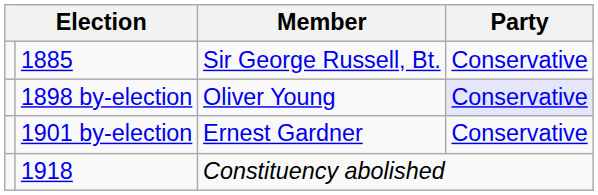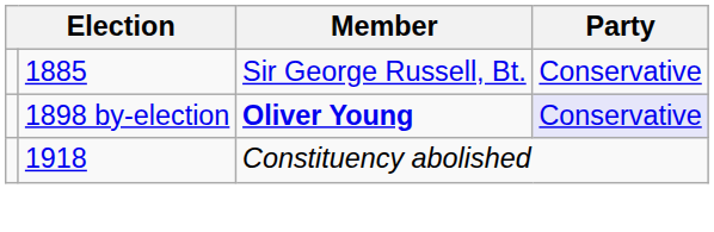 <table class="wikitable">
 <tr>
 <th colspan="2">Election</th>
 <th>Member</th>
 <th>Party</th>
 </tr>
 <tr>
 <td style="color:inherit;background-color: "></td>
 <td><a href='#'>1885</a></td>
 <td><a href='#'>Sir George Russell, Bt.</a></td>
 <td><a href='#'>Conservative</a></td>
 </tr>
 <tr>
 <td style="color:inherit;background-color: "></td>
 <td><a href='#'>1898 by-election</a></td>
-<td><a href='#'>Oliver Young</a></td>
+<td><strong><a href='#'>Oliver Young</a></strong></td>
 <td style="background: lavender;"><a href='#'>Conservative</a></td>
-</tr>
-<tr>
-<td style="color:inherit;background-color: "></td>
-<td><a href='#'>1901 by-election</a></td>
-<td><a href='#'>Ernest Gardner</a></td>
-<td><a href='#'>Conservative</a></td>
 </tr>
 <tr>
 <td></td>
 <td><a href='#'>1918</a></td>
 <td colspan="2"><em>Constituency abolished</em></td>
 </tr>
 </table>
